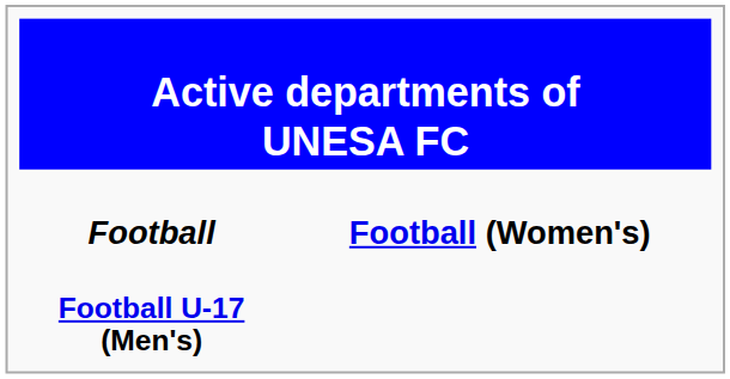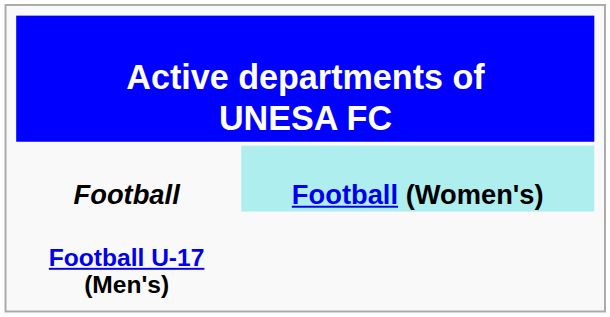 <table class="infobox" style="font-size: 88%; width: 22em; text-align: center">
 <tr>
 <th colspan=3 style="font-size: 125%; background-color:#0000FF; color:white; text-align:center;"><br>Active departments of<br>UNESA FC</th>
 </tr>
 <tr style="text-align: center">
 <td><br><strong><em>Football</em></strong></td>
-<td><br><strong><a href='#'>Football</a> (Women's)</strong></td>
+<td style="background: paleturquoise;"><br><strong><a href='#'>Football</a> (Women's)</strong></td>
 </tr>
 <tr style="font-size: 90%; text-align: center">
 <td><br><strong><a href='#'>Football U-17</a><br> (Men's)</strong></td>
 </tr>
 </table>
